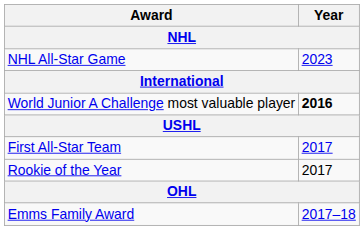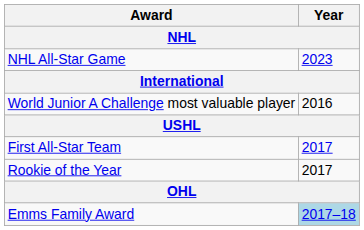 <table class="wikitable">
 <tr>
 <th>Award</th>
 <th>Year</th>
 </tr>
 <tr>
 <th colspan="3"><a href='#'>NHL</a></th>
 </tr>
 <tr>
 <td><a href='#'>NHL All-Star Game</a></td>
 <td><a href='#'>2023</a></td>
 </tr>
 <tr>
 <th colspan="2"><a href='#'>International</a></th>
 </tr>
 <tr>
 <td><a href='#'>World Junior A Challenge</a> most valuable player</td>
-<td><strong>2016</strong></td>
+<td>2016</td>
 </tr>
 <tr>
 <th colspan="2"><a href='#'>USHL</a></th>
 </tr>
 <tr>
 <td><a href='#'>First All-Star Team</a></td>
 <td><a href='#'>2017</a></td>
 </tr>
 <tr>
 <td><a href='#'>Rookie of the Year</a></td>
 <td>2017</td>
 </tr>
 <tr>
 <th colspan="2"><a href='#'>OHL</a></th>
 </tr>
 <tr>
 <td><a href='#'>Emms Family Award</a></td>
-<td><a href='#'>2017–18</a></td>
+<td style="background: lightblue;"><a href='#'>2017–18</a></td>
 </tr>
 </table>
